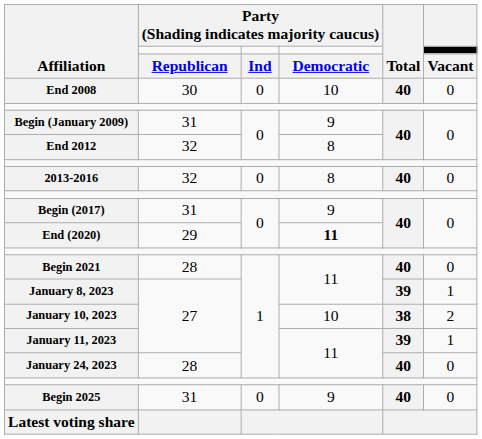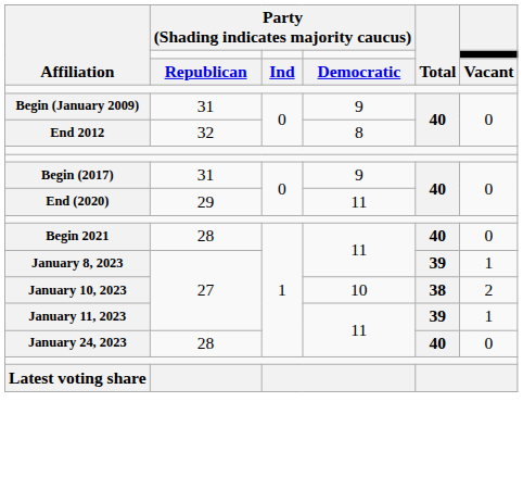 <table class=wikitable style="text-align:center">
 <tr valign=bottom>
 <th rowspan=3>Affiliation</th>
 <th colspan=3>Party <div>(Shading indicates majority caucus)</div></th>
 <th rowspan=3>Total</th>
 <th></th>
 </tr>
 <tr style="height:5px">
 <td style="background: "></td>
 <td style="background:"></td>
 <td style="background: "></td>
 <td style="background:black;"></td>
 </tr>
 <tr>
 <th><a href='#'>Republican</a></th>
 <th><a href='#'>Ind</a></th>
 <th><a href='#'>Democratic</a></th>
 <th>Vacant</th>
-</tr>
-<tr>
-<th style="white-space:nowrap; font-size:80%;">End 2008</th>
-<td>30</td>
-<td>0</td>
-<td>10</td>
-<th>40</th>
-<td>0</td>
 </tr>
 <tr>
 <td colspan=6></td>
 </tr>
 <tr>
 <th style="white-space:nowrap; font-size:80%;">Begin (January 2009)</th>
 <td>31</td>
 <td rowspan=2>0</td>
 <td>9</td>
 <th rowspan=2>40</th>
 <td rowspan=2>0</td>
 </tr>
 <tr>
 <th style="white-space:nowrap; font-size:80%;">End 2012</th>
 <td>32</td>
 <td>8</td>
 </tr>
 <tr>
 <td colspan=6></td>
 </tr>
 <tr>
-<th style="white-space:nowrap; font-size:80%;">2013-2016</th>
-<td>32</td>
-<td>0</td>
-<td>8</td>
-<th>40</th>
-<td>0</td>
-</tr>
-<tr>
 <td colspan=6></td>
 </tr>
 <tr>
 <th style="white-space:nowrap; font-size:80%;">Begin (2017)</th>
 <td>31</td>
 <td rowspan=2>0</td>
 <td>9</td>
 <th rowspan=2>40</th>
 <td rowspan=2>0</td>
 </tr>
 <tr>
 <th style="white-space:nowrap; font-size:80%;">End (2020)</th>
 <td>29</td>
-<td><strong>11</strong></td>
+<td>11</td>
 </tr>
 <tr>
 <td colspan=6></td>
 </tr>
 <tr>
 <th style="white-space:nowrap; font-size:80%;">Begin 2021</th>
 <td>28</td>
 <td rowspan=5>1</td>
 <td rowspan=2>11</td>
 <th>40</th>
 <td>0</td>
 </tr>
 <tr>
 <th style="white-space:nowrap; font-size:80%;">January 8, 2023</th>
 <td rowspan=3 >27</td>
 <th>39</th>
 <td>1</td>
 </tr>
 <tr>
 <th style="white-space:nowrap; font-size:80%;">January 10, 2023</th>
 <td>10</td>
 <th>38</th>
 <td>2</td>
 </tr>
 <tr>
 <th style="white-space:nowrap; font-size:80%;">January 11, 2023</th>
 <td rowspan=2>11</td>
 <th>39</th>
 <td>1</td>
 </tr>
 <tr>
 <th style="white-space:nowrap; font-size:80%;">January 24, 2023</th>
 <td>28</td>
 <th>40</th>
 <td>0</td>
 </tr>
 <tr>
 <td colspan=6></td>
 </tr>
 <tr>
-<th style="white-space:nowrap; font-size:80%;">Begin 2025</th>
-<td>31</td>
-<td>0</td>
-<td>9</td>
-<th>40</th>
-<td>0</td>
-</tr>
-<tr>
 <th>Latest voting share</th>
 <th></th>
 <th colspan=2></th>
 <th colspan=2></th>
 </tr>
 </table>
